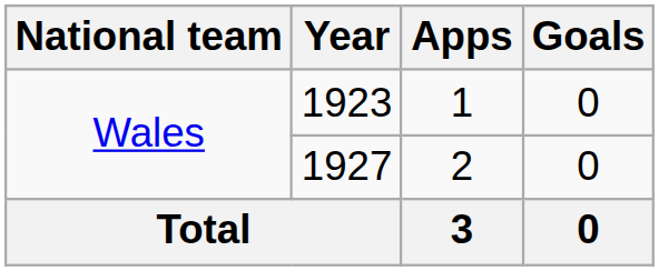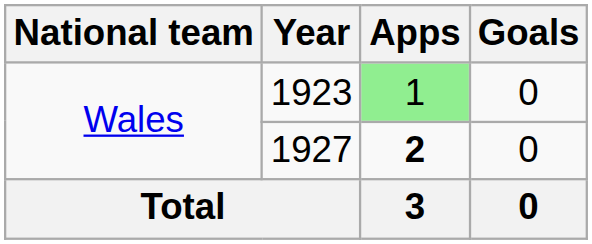 <table class=wikitable style="text-align: center">
 <tr>
 <th>National team</th>
 <th>Year</th>
 <th>Apps</th>
 <th>Goals</th>
 </tr>
 <tr>
 <td rowspan=2><a href='#'>Wales</a></td>
 <td>1923</td>
-<td>1</td>
+<td style="background: lightgreen;">1</td>
 <td>0</td>
 </tr>
 <tr>
 <td>1927</td>
-<td>2</td>
+<td><strong>2</strong></td>
 <td>0</td>
 </tr>
 <tr>
 <th colspan=2>Total</th>
 <th>3</th>
 <th>0</th>
 </tr>
 </table>
